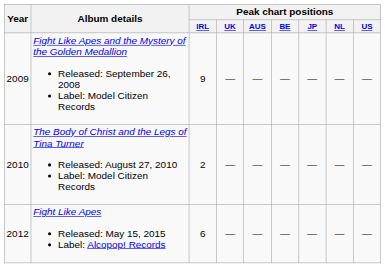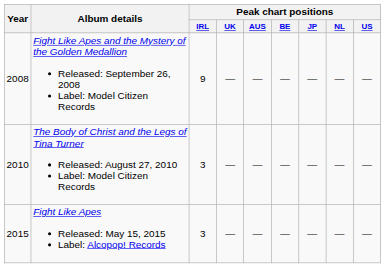 <table class="wikitable">
 <tr>
 <th rowspan="2">Year</th>
 <th rowspan="2" style="width:250px;">Album details</th>
 <th colspan="7">Peak chart positions</th>
 </tr>
 <tr>
 <th style="width:3em;font-size:80%;"><a href='#'>IRL</a><br></th>
 <th style="width:3em;font-size:80%;"><a href='#'>UK</a></th>
 <th style="width:3em;font-size:80%;"><a href='#'>AUS</a></th>
 <th style="width:3em;font-size:80%;"><a href='#'>BE</a></th>
 <th style="width:3em;font-size:80%;"><a href='#'>JP</a></th>
 <th style="width:3em;font-size:80%;"><a href='#'>NL</a></th>
 <th style="width:3em;font-size:80%;"><a href='#'>US</a></th>
 </tr>
 <tr>
-<td>2009</td>
+<td>2008</td>
 <td><em><a href='#'>Fight Like Apes and the Mystery of the Golden Medallion</a></em><br><ul><li>Released: September 26, 2008</li><li>Label: Model Citizen Records</li></ul></td>
 <td style="text-align:center;">9</td>
 <td style="text-align:center;">—</td>
 <td style="text-align:center;">—</td>
 <td style="text-align:center;">—</td>
 <td style="text-align:center;">—</td>
 <td style="text-align:center;">—</td>
 <td style="text-align:center;">—</td>
 </tr>
 <tr>
 <td>2010</td>
 <td><em><a href='#'>The Body of Christ and the Legs of Tina Turner</a></em><br><ul><li>Released: August 27, 2010</li><li>Label: Model Citizen Records</li></ul></td>
-<td style="text-align:center;">2</td>
+<td style="text-align:center;">3</td>
 <td style="text-align:center;">—</td>
 <td style="text-align:center;">—</td>
 <td style="text-align:center;">—</td>
 <td style="text-align:center;">—</td>
 <td style="text-align:center;">—</td>
 <td style="text-align:center;">—</td>
 </tr>
 <tr>
-<td>2012</td>
+<td>2015</td>
 <td><em><a href='#'>Fight Like Apes</a></em><br><ul><li>Released: May 15, 2015</li><li>Label: <a href='#'>Alcopop! Records</a></li></ul></td>
-<td style="text-align:center;">6</td>
+<td style="text-align:center;">3</td>
 <td style="text-align:center;">—</td>
 <td style="text-align:center;">—</td>
 <td style="text-align:center;">—</td>
 <td style="text-align:center;">—</td>
 <td style="text-align:center;">—</td>
 <td style="text-align:center;">—</td>
 </tr>
 </table>
